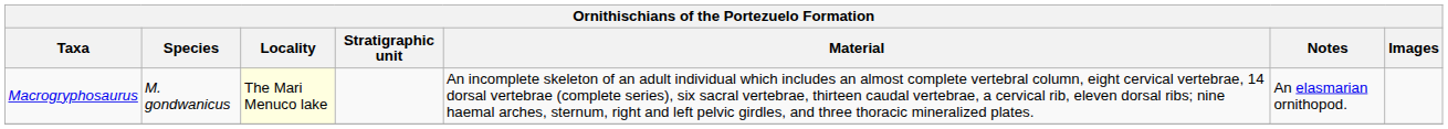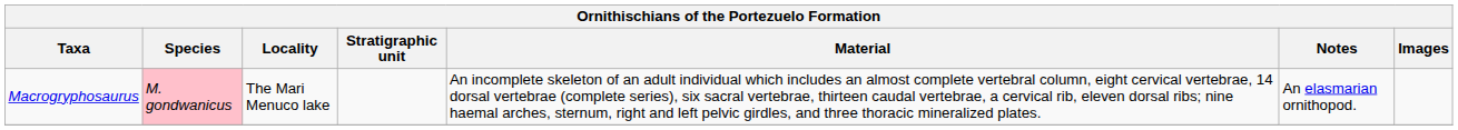 <table class="wikitable">
 <tr>
 <th colspan="7">Ornithischians of the Portezuelo Formation</th>
 </tr>
 <tr>
 <th>Taxa</th>
 <th>Species</th>
 <th>Locality</th>
 <th>Stratigraphic unit</th>
 <th>Material</th>
 <th>Notes</th>
 <th>Images</th>
 </tr>
 <tr>
 <td><em><a href='#'>Macrogryphosaurus</a></em></td>
-<td><em>M. gondwanicus</em></td>
-<td style="background: lightyellow;">The Mari Menuco lake</td>
+<td style="background: pink;"><em>M. gondwanicus</em></td>
+<td>The Mari Menuco lake</td>
 <td></td>
 <td>An incomplete skeleton of an adult individual which includes an almost complete vertebral column, eight cervical vertebrae, 14 dorsal vertebrae (complete series), six sacral vertebrae, thirteen caudal vertebrae, a cervical rib, eleven dorsal ribs; nine haemal arches, sternum, right and left pelvic girdles, and three thoracic mineralized plates.</td>
 <td>An <a href='#'>elasmarian</a> ornithopod.</td>
 <td></td>
 </tr>
 <tr>
 </tr>
 </table>
